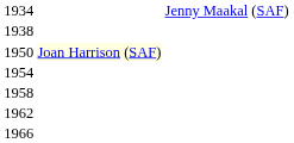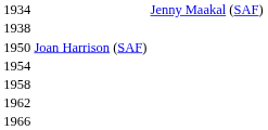 <table>
 <tr>
 <td>1934</td>
 <td></td>
 <td> <a href='#'>Jenny Maakal</a> <span>(<a href='#'>SAF</a>)</span></td>
 <td></td>
 </tr>
 <tr>
 <td>1938</td>
 <td></td>
 <td></td>
 <td></td>
 </tr>
 <tr>
 <td>1950</td>
-<td style="background: lightyellow;"> <a href='#'>Joan Harrison</a> (<a href='#'>SAF</a>)</td>
+<td> <a href='#'>Joan Harrison</a> (<a href='#'>SAF</a>)</td>
 <td></td>
 <td></td>
 </tr>
 <tr>
 <td>1954</td>
 <td></td>
 <td></td>
 <td></td>
 </tr>
 <tr>
 <td>1958</td>
 <td></td>
 <td></td>
 <td></td>
 </tr>
 <tr>
 <td>1962</td>
 <td></td>
 <td></td>
 <td></td>
 </tr>
 <tr>
 <td>1966</td>
 <td></td>
 <td></td>
 <td></td>
 </tr>
 </table>
